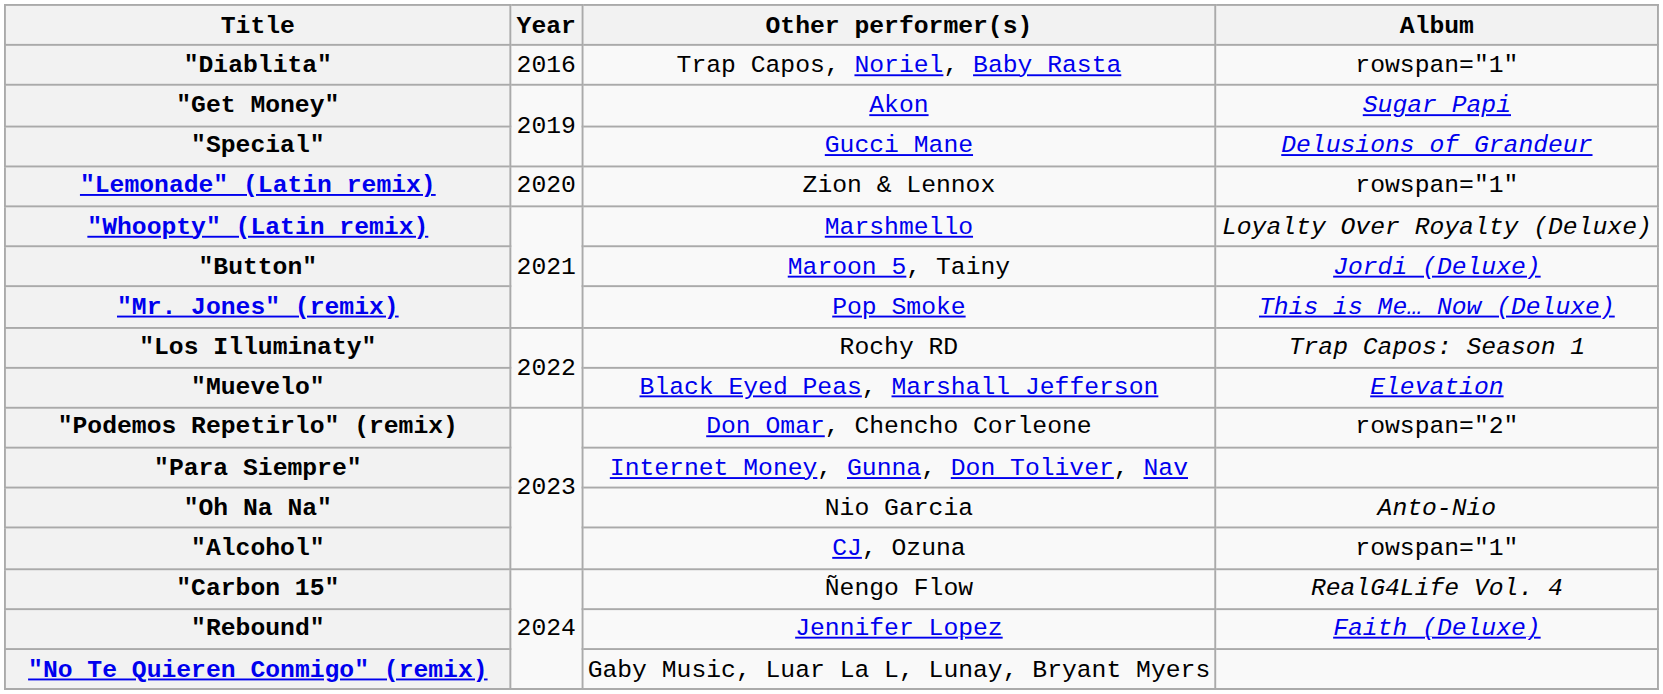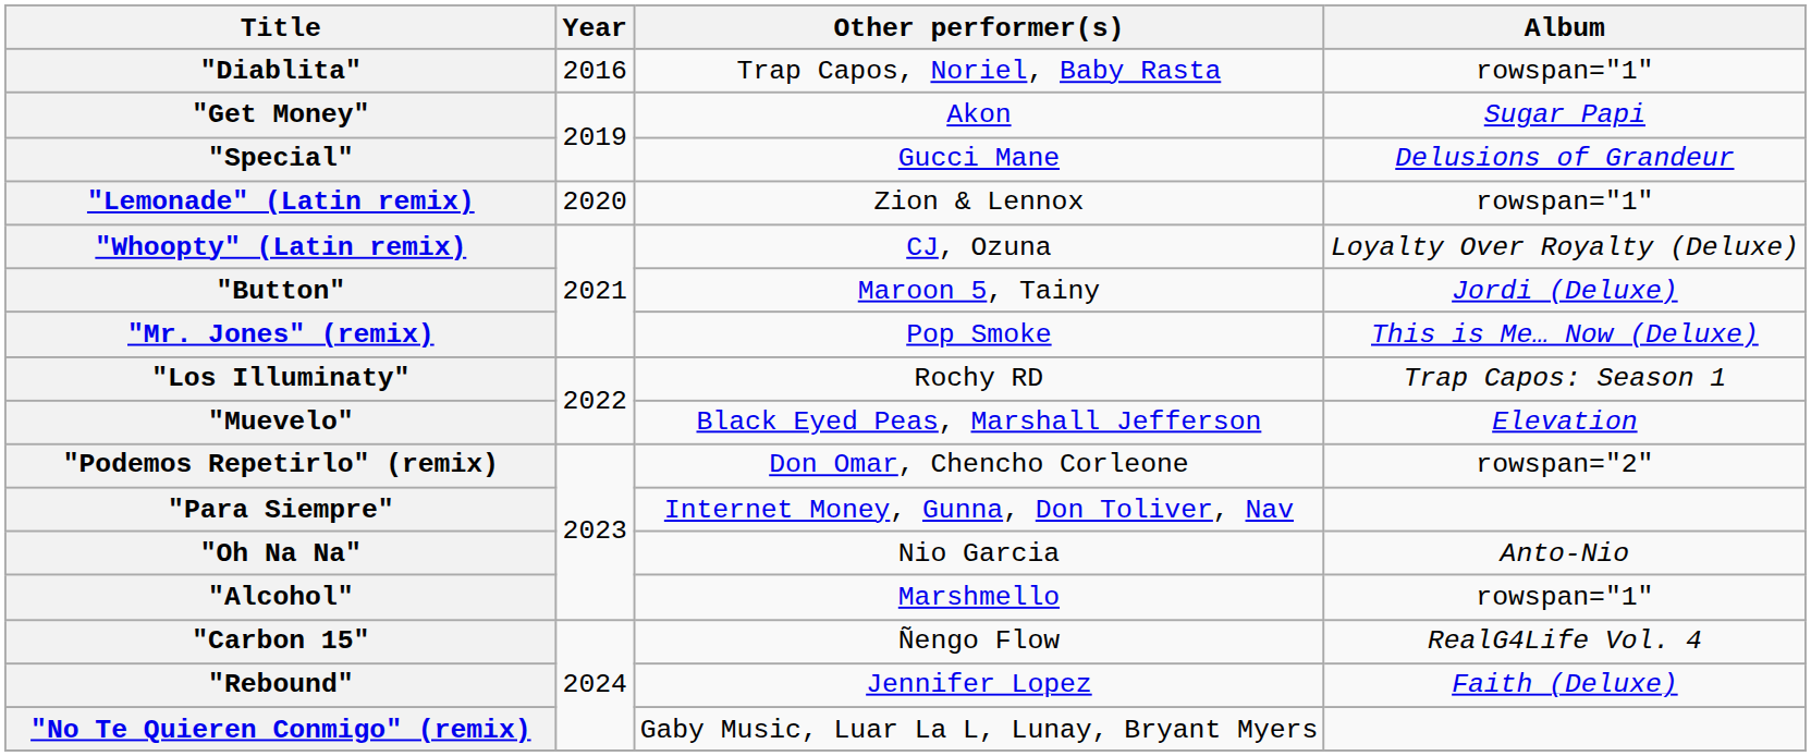 <table class="wikitable plainrowheaders" style="text-align:center;">
 <tr>
 <th scope="col" style="width:20em;">Title</th>
 <th scope="col">Year</th>
 <th scope="col">Other performer(s)</th>
 <th scope="col">Album</th>
 </tr>
 <tr>
 <th scope="row">"Diablita"</th>
 <td rowspan="1">2016</td>
 <td>Trap Capos, <a href='#'>Noriel</a>, <a href='#'>Baby Rasta</a></td>
 <td>rowspan="1" </td>
 </tr>
 <tr>
 <th scope="row">"Get Money"</th>
 <td rowspan="2">2019</td>
 <td><a href='#'>Akon</a></td>
 <td><em><a href='#'>Sugar Papi</a></em></td>
 </tr>
 <tr>
 <th scope="row">"Special"</th>
 <td><a href='#'>Gucci Mane</a></td>
 <td><em><a href='#'>Delusions of Grandeur</a></em></td>
 </tr>
 <tr>
 <th scope="row"><a href='#'>"Lemonade" (Latin remix)</a></th>
 <td rowspan="1">2020</td>
 <td>Zion & Lennox</td>
 <td>rowspan="1" </td>
 </tr>
 <tr>
 <th scope="row"><a href='#'>"Whoopty" (Latin remix)</a></th>
 <td rowspan="3">2021</td>
-<td><a href='#'>Marshmello</a></td>
+<td><a href='#'>CJ</a>, Ozuna</td>
 <td><em>Loyalty Over Royalty (Deluxe)</em></td>
 </tr>
 <tr>
 <th scope="row">"Button"</th>
 <td><a href='#'>Maroon 5</a>, Tainy</td>
 <td><em><a href='#'>Jordi (Deluxe)</a></em></td>
 </tr>
 <tr>
 <th scope="row"><a href='#'>"Mr. Jones" (remix)</a></th>
 <td><a href='#'>Pop Smoke</a></td>
 <td><em><a href='#'>This is Me… Now (Deluxe)</a></em></td>
 </tr>
 <tr>
 <th scope="row">"Los Illuminaty"</th>
 <td rowspan="2">2022</td>
 <td>Rochy RD</td>
 <td><em>Trap Capos: Season 1</em></td>
 </tr>
 <tr>
 <th scope="row">"Muevelo"</th>
 <td><a href='#'>Black Eyed Peas</a>, <a href='#'>Marshall Jefferson</a></td>
 <td><em><a href='#'>Elevation</a></em></td>
 </tr>
 <tr>
 <th scope="row">"Podemos Repetirlo" (remix)</th>
 <td rowspan="4">2023</td>
 <td><a href='#'>Don Omar</a>, Chencho Corleone</td>
 <td>rowspan="2" </td>
 </tr>
 <tr>
 <th scope="row">"Para Siempre"</th>
 <td><a href='#'>Internet Money</a>, <a href='#'>Gunna</a>, <a href='#'>Don Toliver</a>, <a href='#'>Nav</a></td>
 </tr>
 <tr>
 <th scope="row">"Oh Na Na"</th>
 <td>Nio Garcia</td>
 <td><em>Anto-Nio</em></td>
 </tr>
 <tr>
 <th scope="row">"Alcohol"</th>
-<td><a href='#'>CJ</a>, Ozuna</td>
+<td><a href='#'>Marshmello</a></td>
 <td>rowspan="1" </td>
 </tr>
 <tr>
 <th scope="row">"Carbon 15"</th>
 <td rowspan="3">2024</td>
 <td>Ñengo Flow</td>
 <td><em>RealG4Life Vol. 4</em></td>
 </tr>
 <tr>
 <th scope="row">"Rebound"</th>
 <td><a href='#'>Jennifer Lopez</a></td>
 <td><em><a href='#'>Faith (Deluxe)</a></em></td>
 </tr>
 <tr>
 <th scope="row"><a href='#'>"No Te Quieren Conmigo" (remix)</a></th>
 <td>Gaby Music, Luar La L, Lunay, Bryant Myers</td>
 <td></td>
 </tr>
 <tr>
 </tr>
 </table>
